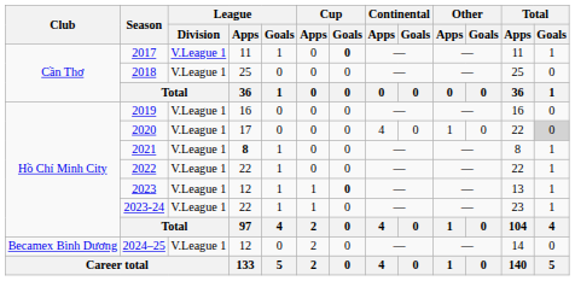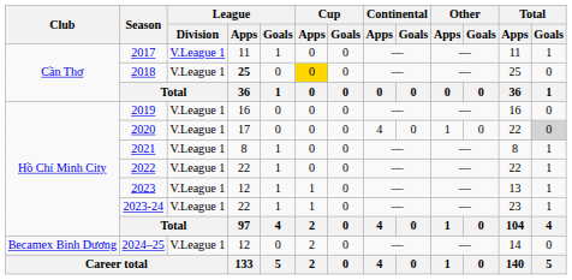 <table class="wikitable" style="text-align: center">
 <tr>
 <th rowspan="2">Club</th>
 <th rowspan="2">Season</th>
 <th colspan="3">League</th>
 <th colspan="2">Cup</th>
 <th colspan="2">Continental</th>
 <th colspan="2">Other</th>
 <th colspan="2">Total</th>
 </tr>
 <tr>
 <th>Division</th>
 <th>Apps</th>
 <th>Goals</th>
 <th>Apps</th>
 <th>Goals</th>
 <th>Apps</th>
 <th>Goals</th>
 <th>Apps</th>
 <th>Goals</th>
 <th>Apps</th>
 <th>Goals</th>
 </tr>
 <tr>
 <td rowspan=3><a href='#'>Cần Thơ</a></td>
 <td><a href='#'>2017</a></td>
 <td><a href='#'>V.League 1</a></td>
 <td>11</td>
 <td>1</td>
 <td>0</td>
-<td><strong>0</strong></td>
+<td>0</td>
 <td colspan=2>—</td>
 <td colspan="2">—</td>
 <td>11</td>
 <td>1</td>
 </tr>
 <tr>
 <td><a href='#'>2018</a></td>
 <td>V.League 1</td>
-<td>25</td>
+<td><strong>25</strong></td>
 <td>0</td>
-<td>0</td>
+<td style="background: gold;">0</td>
 <td>0</td>
 <td colspan=2>—</td>
 <td colspan="2">—</td>
 <td>25</td>
 <td>0</td>
 </tr>
 <tr>
 <th colspan=2>Total</th>
 <th>36</th>
 <th>1</th>
 <th>0</th>
 <th>0</th>
 <th>0</th>
 <th>0</th>
 <th>0</th>
 <th>0</th>
 <th>36</th>
 <th>1</th>
 </tr>
 <tr>
 <td rowspan=7><a href='#'>Hồ Chí Minh City</a></td>
 <td><a href='#'>2019</a></td>
 <td>V.League 1</td>
 <td>16</td>
 <td>0</td>
 <td>0</td>
 <td>0</td>
 <td colspan=2>—</td>
 <td colspan="2">—</td>
 <td>16</td>
 <td>0</td>
 </tr>
 <tr>
 <td><a href='#'>2020</a></td>
 <td>V.League 1</td>
 <td>17</td>
 <td>0</td>
 <td>0</td>
 <td>0</td>
 <td>4</td>
 <td>0</td>
 <td>1</td>
 <td>0</td>
 <td>22</td>
 <td style="background: lightgrey;">0</td>
 </tr>
 <tr>
 <td><a href='#'>2021</a></td>
 <td>V.League 1</td>
-<td><strong>8</strong></td>
+<td>8</td>
 <td>1</td>
 <td>0</td>
 <td>0</td>
 <td colspan=2>—</td>
 <td colspan="2">—</td>
 <td>8</td>
 <td>1</td>
 </tr>
 <tr>
 <td><a href='#'>2022</a></td>
 <td>V.League 1</td>
 <td>22</td>
 <td>1</td>
 <td>0</td>
 <td>0</td>
 <td colspan="2">—</td>
 <td colspan="2">—</td>
 <td>22</td>
 <td>1</td>
 </tr>
 <tr>
 <td><a href='#'>2023</a></td>
 <td>V.League 1</td>
 <td>12</td>
 <td>1</td>
 <td>1</td>
-<td><strong>0</strong></td>
+<td>0</td>
 <td colspan="2">—</td>
 <td colspan="2">—</td>
 <td>13</td>
 <td>1</td>
 </tr>
 <tr>
 <td><a href='#'>2023-24</a></td>
 <td>V.League 1</td>
 <td>22</td>
 <td>1</td>
 <td>1</td>
 <td>0</td>
 <td colspan="2">—</td>
 <td colspan="2">—</td>
 <td>23</td>
 <td>1</td>
 </tr>
 <tr>
 <th colspan="2">Total</th>
 <th>97</th>
 <th>4</th>
 <th>2</th>
 <th>0</th>
 <th>4</th>
 <th>0</th>
 <th>1</th>
 <th>0</th>
 <th>104</th>
 <th>4</th>
 </tr>
 <tr>
 <td><a href='#'>Becamex Bình Dương</a></td>
 <td><a href='#'>2024–25</a></td>
 <td>V.League 1</td>
 <td>12</td>
 <td>0</td>
 <td>2</td>
 <td>0</td>
 <td colspan="2">—</td>
 <td colspan="2">—</td>
 <td>14</td>
 <td>0</td>
 </tr>
 <tr>
 <th colspan=3>Career total</th>
 <th>133</th>
 <th>5</th>
 <th>2</th>
 <th>0</th>
 <th>4</th>
 <th>0</th>
 <th>1</th>
 <th>0</th>
 <th>140</th>
 <th>5</th>
 </tr>
 </table>
